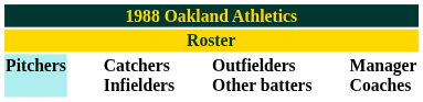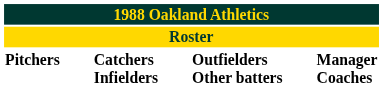 <table class="toccolours" style="font-size: 95%;">
 <tr>
 <th colspan="10" style="background-color: #003831; color: #FFD800; text-align: center;">1988 Oakland Athletics</th>
 </tr>
 <tr>
 <td colspan="10" style="background-color: #FFD800; color: #003831; text-align: center;"><strong>Roster</strong></td>
 </tr>
 <tr>
-<td valign="top" style="background: paleturquoise;"><strong>Pitchers</strong><br>              </td>
+<td valign="top"><strong>Pitchers</strong><br>              </td>
 <td width="25px"></td>
 <td valign="top"><strong>Catchers</strong><br>    <strong>Infielders</strong>        </td>
 <td width="25px"></td>
 <td valign="top"><strong>Outfielders</strong><br>       <strong>Other batters</strong> </td>
 <td width="25px"></td>
 <td valign="top"><strong>Manager</strong><br> <strong>Coaches</strong>      </td>
 </tr>
 </table>
